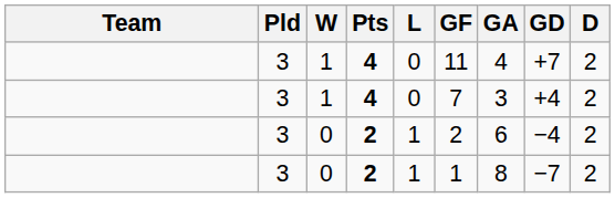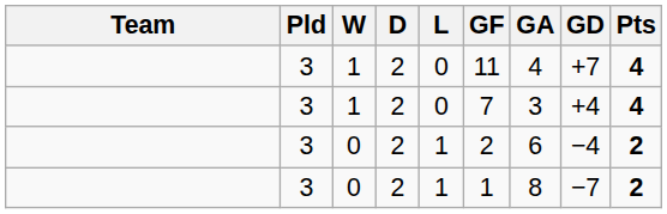 <table class="wikitable" style="text-align: center;">
 <tr>
 <th width=165>Team</th>
 <th width=20>Pld</th>
 <th width=20>W</th>
-<th width=20>Pts</th>
+<th width=20>D</th>
 <th width=20>L</th>
 <th width=20>GF</th>
 <th width=20>GA</th>
 <th width=20>GD</th>
-<th width=20>D</th>
+<th width=20>Pts</th>
 </tr>
 <tr>
 <td style="text-align:left;"></td>
 <td>3</td>
 <td>1</td>
-<td><strong>4</strong></td>
+<td>2</td>
 <td>0</td>
 <td>11</td>
 <td>4</td>
 <td>+7</td>
-<td>2</td>
+<td><strong>4</strong></td>
 </tr>
 <tr>
 <td style="text-align:left;"></td>
 <td>3</td>
 <td>1</td>
-<td><strong>4</strong></td>
+<td>2</td>
 <td>0</td>
 <td>7</td>
 <td>3</td>
 <td>+4</td>
-<td>2</td>
+<td><strong>4</strong></td>
 </tr>
 <tr>
 <td style="text-align:left;"></td>
 <td>3</td>
 <td>0</td>
-<td><strong>2</strong></td>
+<td>2</td>
 <td>1</td>
 <td>2</td>
 <td>6</td>
 <td>−4</td>
-<td>2</td>
+<td><strong>2</strong></td>
 </tr>
 <tr>
 <td style="text-align:left;"></td>
 <td>3</td>
 <td>0</td>
-<td><strong>2</strong></td>
+<td>2</td>
 <td>1</td>
 <td>1</td>
 <td>8</td>
 <td>−7</td>
-<td>2</td>
+<td><strong>2</strong></td>
 </tr>
 </table>
